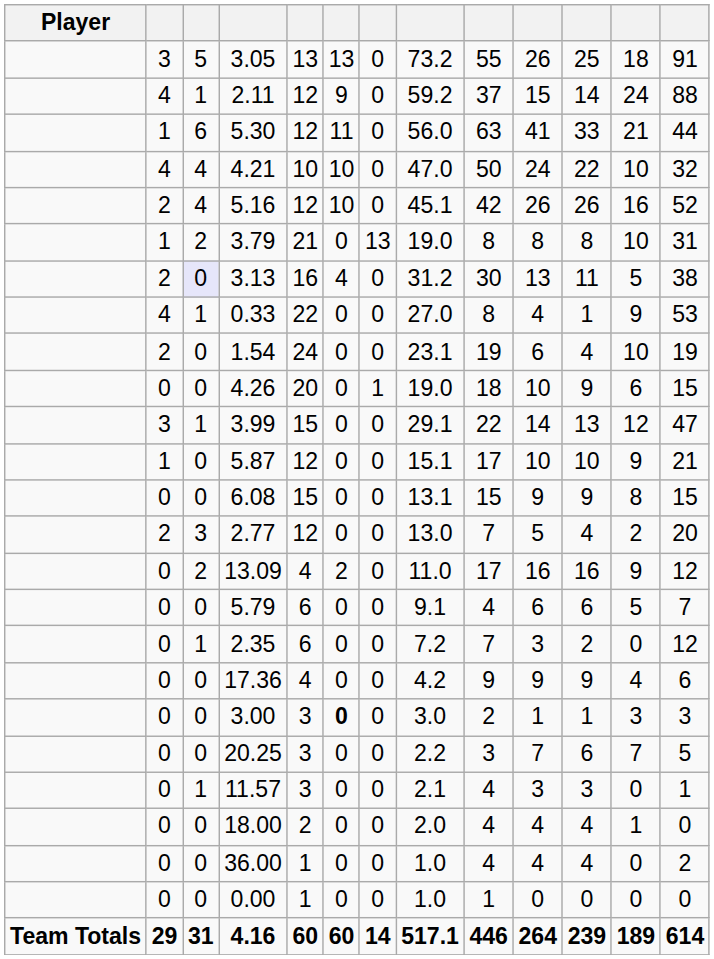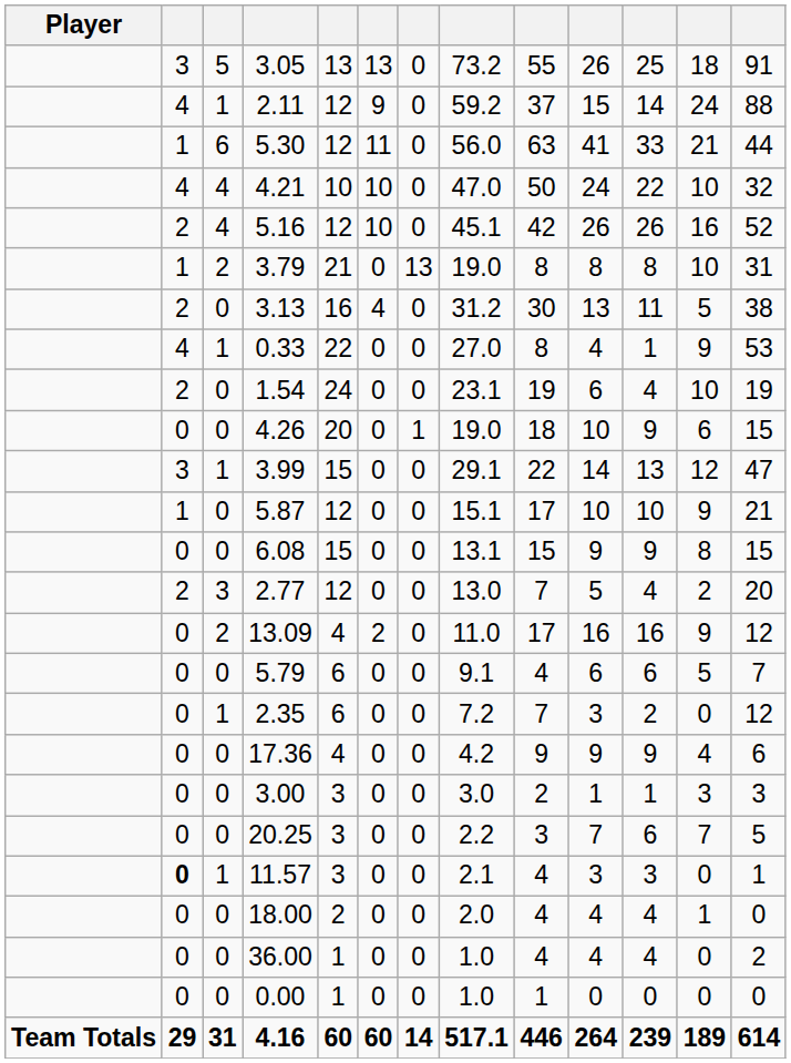 <table class="wikitable sortable" style="text-align:center;">
 <tr>
 <th>Player</th>
 <th></th>
 <th></th>
 <th></th>
 <th></th>
 <th></th>
 <th></th>
 <th></th>
 <th></th>
 <th></th>
 <th></th>
 <th></th>
 <th></th>
 </tr>
 <tr>
 <td align="left"></td>
 <td>3</td>
 <td>5</td>
 <td>3.05</td>
 <td>13</td>
 <td>13</td>
 <td>0</td>
 <td>73.2</td>
 <td>55</td>
 <td>26</td>
 <td>25</td>
 <td>18</td>
 <td>91</td>
 </tr>
 <tr>
 <td align="left"></td>
 <td>4</td>
 <td>1</td>
 <td>2.11</td>
 <td>12</td>
 <td>9</td>
 <td>0</td>
 <td>59.2</td>
 <td>37</td>
 <td>15</td>
 <td>14</td>
 <td>24</td>
 <td>88</td>
 </tr>
 <tr>
 <td align="left"></td>
 <td>1</td>
 <td>6</td>
 <td>5.30</td>
 <td>12</td>
 <td>11</td>
 <td>0</td>
 <td>56.0</td>
 <td>63</td>
 <td>41</td>
 <td>33</td>
 <td>21</td>
 <td>44</td>
 </tr>
 <tr>
 <td align="left"></td>
 <td>4</td>
 <td>4</td>
 <td>4.21</td>
 <td>10</td>
 <td>10</td>
 <td>0</td>
 <td>47.0</td>
 <td>50</td>
 <td>24</td>
 <td>22</td>
 <td>10</td>
 <td>32</td>
 </tr>
 <tr>
 <td align="left"></td>
 <td>2</td>
 <td>4</td>
 <td>5.16</td>
 <td>12</td>
 <td>10</td>
 <td>0</td>
 <td>45.1</td>
 <td>42</td>
 <td>26</td>
 <td>26</td>
 <td>16</td>
 <td>52</td>
 </tr>
 <tr>
 <td align="left"></td>
 <td>1</td>
 <td>2</td>
 <td>3.79</td>
 <td>21</td>
 <td>0</td>
 <td>13</td>
 <td>19.0</td>
 <td>8</td>
 <td>8</td>
 <td>8</td>
 <td>10</td>
 <td>31</td>
 </tr>
 <tr>
 <td align="left"></td>
 <td>2</td>
-<td style="background: lavender;">0</td>
+<td>0</td>
 <td>3.13</td>
 <td>16</td>
 <td>4</td>
 <td>0</td>
 <td>31.2</td>
 <td>30</td>
 <td>13</td>
 <td>11</td>
 <td>5</td>
 <td>38</td>
 </tr>
 <tr>
 <td align="left"></td>
 <td>4</td>
 <td>1</td>
 <td>0.33</td>
 <td>22</td>
 <td>0</td>
 <td>0</td>
 <td>27.0</td>
 <td>8</td>
 <td>4</td>
 <td>1</td>
 <td>9</td>
 <td>53</td>
 </tr>
 <tr>
 <td align="left"></td>
 <td>2</td>
 <td>0</td>
 <td>1.54</td>
 <td>24</td>
 <td>0</td>
 <td>0</td>
 <td>23.1</td>
 <td>19</td>
 <td>6</td>
 <td>4</td>
 <td>10</td>
 <td>19</td>
 </tr>
 <tr>
 <td align="left"></td>
 <td>0</td>
 <td>0</td>
 <td>4.26</td>
 <td>20</td>
 <td>0</td>
 <td>1</td>
 <td>19.0</td>
 <td>18</td>
 <td>10</td>
 <td>9</td>
 <td>6</td>
 <td>15</td>
 </tr>
 <tr>
 <td align="left"></td>
 <td>3</td>
 <td>1</td>
 <td>3.99</td>
 <td>15</td>
 <td>0</td>
 <td>0</td>
 <td>29.1</td>
 <td>22</td>
 <td>14</td>
 <td>13</td>
 <td>12</td>
 <td>47</td>
 </tr>
 <tr>
 <td align="left"></td>
 <td>1</td>
 <td>0</td>
 <td>5.87</td>
 <td>12</td>
 <td>0</td>
 <td>0</td>
 <td>15.1</td>
 <td>17</td>
 <td>10</td>
 <td>10</td>
 <td>9</td>
 <td>21</td>
 </tr>
 <tr>
 <td align="left"></td>
 <td>0</td>
 <td>0</td>
 <td>6.08</td>
 <td>15</td>
 <td>0</td>
 <td>0</td>
 <td>13.1</td>
 <td>15</td>
 <td>9</td>
 <td>9</td>
 <td>8</td>
 <td>15</td>
 </tr>
 <tr>
 <td align="left"></td>
 <td>2</td>
 <td>3</td>
 <td>2.77</td>
 <td>12</td>
 <td>0</td>
 <td>0</td>
 <td>13.0</td>
 <td>7</td>
 <td>5</td>
 <td>4</td>
 <td>2</td>
 <td>20</td>
 </tr>
 <tr>
 <td align="left"></td>
 <td>0</td>
 <td>2</td>
 <td>13.09</td>
 <td>4</td>
 <td>2</td>
 <td>0</td>
 <td>11.0</td>
 <td>17</td>
 <td>16</td>
 <td>16</td>
 <td>9</td>
 <td>12</td>
 </tr>
 <tr>
 <td align="left"></td>
 <td>0</td>
 <td>0</td>
 <td>5.79</td>
 <td>6</td>
 <td>0</td>
 <td>0</td>
 <td>9.1</td>
 <td>4</td>
 <td>6</td>
 <td>6</td>
 <td>5</td>
 <td>7</td>
 </tr>
 <tr>
 <td align="left"></td>
 <td>0</td>
 <td>1</td>
 <td>2.35</td>
 <td>6</td>
 <td>0</td>
 <td>0</td>
 <td>7.2</td>
 <td>7</td>
 <td>3</td>
 <td>2</td>
 <td>0</td>
 <td>12</td>
 </tr>
 <tr>
 <td align="left"></td>
 <td>0</td>
 <td>0</td>
 <td>17.36</td>
 <td>4</td>
 <td>0</td>
 <td>0</td>
 <td>4.2</td>
 <td>9</td>
 <td>9</td>
 <td>9</td>
 <td>4</td>
 <td>6</td>
 </tr>
 <tr>
 <td align="left"></td>
 <td>0</td>
 <td>0</td>
 <td>3.00</td>
 <td>3</td>
-<td><strong>0</strong></td>
+<td>0</td>
 <td>0</td>
 <td>3.0</td>
 <td>2</td>
 <td>1</td>
 <td>1</td>
 <td>3</td>
 <td>3</td>
 </tr>
 <tr>
 <td align="left"></td>
 <td>0</td>
 <td>0</td>
 <td>20.25</td>
 <td>3</td>
 <td>0</td>
 <td>0</td>
 <td>2.2</td>
 <td>3</td>
 <td>7</td>
 <td>6</td>
 <td>7</td>
 <td>5</td>
 </tr>
 <tr>
 <td align="left"></td>
-<td>0</td>
+<td><strong>0</strong></td>
 <td>1</td>
 <td>11.57</td>
 <td>3</td>
 <td>0</td>
 <td>0</td>
 <td>2.1</td>
 <td>4</td>
 <td>3</td>
 <td>3</td>
 <td>0</td>
 <td>1</td>
 </tr>
 <tr>
 <td align="left"></td>
 <td>0</td>
 <td>0</td>
 <td>18.00</td>
 <td>2</td>
 <td>0</td>
 <td>0</td>
 <td>2.0</td>
 <td>4</td>
 <td>4</td>
 <td>4</td>
 <td>1</td>
 <td>0</td>
 </tr>
 <tr>
 <td align="left"></td>
 <td>0</td>
 <td>0</td>
 <td>36.00</td>
 <td>1</td>
 <td>0</td>
 <td>0</td>
 <td>1.0</td>
 <td>4</td>
 <td>4</td>
 <td>4</td>
 <td>0</td>
 <td>2</td>
 </tr>
 <tr>
 <td align="left"></td>
 <td>0</td>
 <td>0</td>
 <td>0.00</td>
 <td>1</td>
 <td>0</td>
 <td>0</td>
 <td>1.0</td>
 <td>1</td>
 <td>0</td>
 <td>0</td>
 <td>0</td>
 <td>0</td>
 </tr>
 <tr>
 <td align="left"><strong>Team Totals</strong></td>
 <td><strong>29</strong></td>
 <td><strong>31</strong></td>
 <td><strong>4.16</strong></td>
 <td><strong>60</strong></td>
 <td><strong>60</strong></td>
 <td><strong>14</strong></td>
 <td><strong>517.1</strong></td>
 <td><strong>446</strong></td>
 <td><strong>264</strong></td>
 <td><strong>239</strong></td>
 <td><strong>189</strong></td>
 <td><strong>614</strong></td>
 </tr>
 <tr class=="sortbottom">
 </tr>
 </table>
